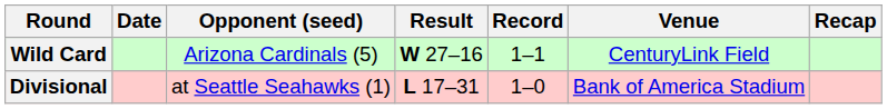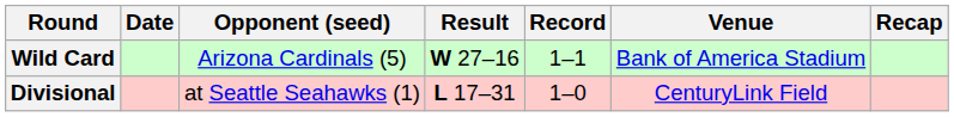 <table class="wikitable" style="text-align:center">
 <tr>
 <th>Round</th>
 <th>Date</th>
 <th>Opponent (seed)</th>
 <th>Result</th>
 <th>Record</th>
 <th>Venue</th>
 <th>Recap</th>
 </tr>
 <tr style="background:#cfc">
 <th>Wild Card</th>
 <td></td>
 <td><a href='#'>Arizona Cardinals</a> (5)</td>
 <td><strong>W</strong> 27–16</td>
 <td>1–1</td>
-<td><a href='#'>CenturyLink Field</a></td>
+<td><a href='#'>Bank of America Stadium</a></td>
 <td></td>
 </tr>
 <tr style="background:#fcc">
 <th>Divisional</th>
 <td></td>
 <td>at <a href='#'>Seattle Seahawks</a> (1)</td>
 <td><strong>L</strong> 17–31</td>
 <td>1–0</td>
-<td><a href='#'>Bank of America Stadium</a></td>
+<td><a href='#'>CenturyLink Field</a></td>
 <td></td>
 </tr>
 </table>
